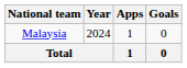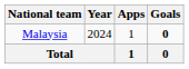 <table class=wikitable style="text-align: center;">
 <tr>
 <th>National team</th>
 <th>Year</th>
 <th>Apps</th>
 <th>Goals</th>
 </tr>
 <tr>
 <td rowspan=1><a href='#'>Malaysia</a></td>
 <td>2024</td>
 <td>1</td>
-<td>0</td>
+<td><strong>0</strong></td>
 </tr>
 <tr>
 <th colspan=2>Total</th>
 <th>1</th>
 <th>0</th>
 </tr>
 </table>
